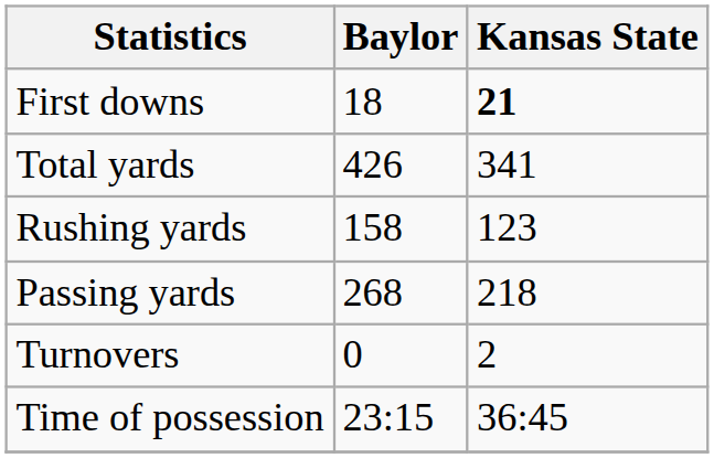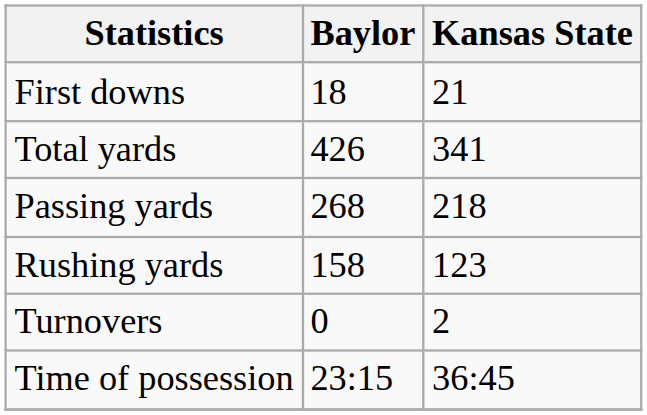 <table class="wikitable" style="float: right;">
 <tr>
 <th>Statistics</th>
 <th>Baylor</th>
 <th>Kansas State</th>
 </tr>
 <tr>
 <td>First downs</td>
 <td>18</td>
-<td><strong>21</strong></td>
+<td>21</td>
 </tr>
 <tr>
 <td>Total yards</td>
 <td>426</td>
 <td>341</td>
 </tr>
 <tr>
+<td>Passing yards</td>
+<td>268</td>
+<td>218</td>
+</tr>
+<tr>
 <td>Rushing yards</td>
 <td>158</td>
 <td>123</td>
-</tr>
-<tr>
-<td>Passing yards</td>
-<td>268</td>
-<td>218</td>
 </tr>
 <tr>
 <td>Turnovers</td>
 <td>0</td>
 <td>2</td>
 </tr>
 <tr>
 <td>Time of possession</td>
 <td>23:15</td>
 <td>36:45</td>
 </tr>
 <tr>
 </tr>
 </table>
